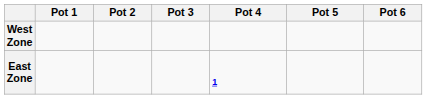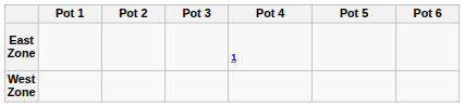 <table class="wikitable" style="width:100%;">
 <tr>
 <th></th>
 <th width=15%>Pot 1</th>
 <th width=15%>Pot 2</th>
 <th width=15%>Pot 3</th>
 <th width=20%>Pot 4</th>
 <th width=20%>Pot 5</th>
 <th width=15%>Pot 6</th>
 </tr>
 <tr>
+<th>East Zone<br></th>
+<td valign=top><br><br> </td>
+<td valign=top><br><br> </td>
+<td valign=top><br><br> </td>
+<td valign=top><br><br> <sup><strong><a href='#'>1</a></strong></sup></td>
+<td valign=top><br></td>
+<td valign=top></td>
+</tr>
+<tr>
 <th>West Zone<br></th>
 <td valign=top><br><br> </td>
 <td valign=top><br><br> </td>
 <td valign=top><br><br> </td>
 <td valign=top><br><br> </td>
 <td valign=top><br><br> </td>
 <td valign=top><br><br> </td>
 </tr>
-<tr>
-<th>East Zone<br></th>
-<td valign=top><br><br> </td>
-<td valign=top><br><br> </td>
-<td valign=top><br><br> </td>
-<td valign=top><br><br> <sup><strong><a href='#'>1</a></strong></sup></td>
-<td valign=top><br></td>
-<td valign=top></td>
-</tr>
 </table>
